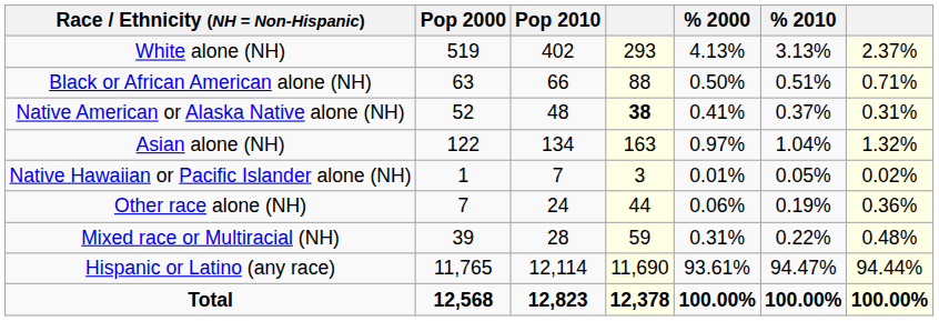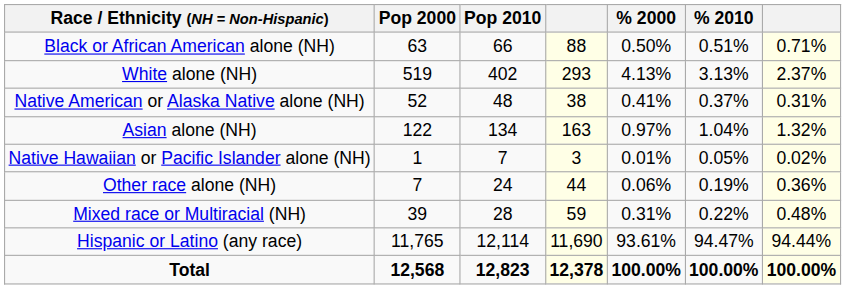 <table class="wikitable" style="text-align:center;">
 <tr>
 <th>Race / Ethnicity <small>(<em>NH = Non-Hispanic</em>)</small></th>
 <th>Pop 2000</th>
 <th>Pop 2010</th>
 <th></th>
 <th>% 2000</th>
 <th>% 2010</th>
 <th></th>
 </tr>
 <tr>
+<td><a href='#'>Black or African American</a> alone (NH)</td>
+<td>63</td>
+<td>66</td>
+<td style='background: #ffffe6;'>88</td>
+<td>0.50%</td>
+<td>0.51%</td>
+<td style='background: #ffffe6;'>0.71%</td>
+</tr>
+<tr>
 <td><a href='#'>White</a> alone (NH)</td>
 <td>519</td>
 <td>402</td>
 <td style='background: #ffffe6;'>293</td>
 <td>4.13%</td>
 <td>3.13%</td>
 <td style='background: #ffffe6;'>2.37%</td>
 </tr>
 <tr>
-<td><a href='#'>Black or African American</a> alone (NH)</td>
-<td>63</td>
-<td>66</td>
-<td style='background: #ffffe6;'>88</td>
-<td>0.50%</td>
-<td>0.51%</td>
-<td style='background: #ffffe6;'>0.71%</td>
-</tr>
-<tr>
 <td><a href='#'>Native American</a> or <a href='#'>Alaska Native</a> alone (NH)</td>
 <td>52</td>
 <td>48</td>
-<td style='background: #ffffe6;'><strong>38</strong></td>
+<td style='background: #ffffe6;'>38</td>
 <td>0.41%</td>
 <td>0.37%</td>
 <td style='background: #ffffe6;'>0.31%</td>
 </tr>
 <tr>
 <td><a href='#'>Asian</a> alone (NH)</td>
 <td>122</td>
 <td>134</td>
 <td style='background: #ffffe6;'>163</td>
 <td>0.97%</td>
 <td>1.04%</td>
 <td style='background: #ffffe6;'>1.32%</td>
 </tr>
 <tr>
 <td><a href='#'>Native Hawaiian</a> or <a href='#'>Pacific Islander</a> alone (NH)</td>
 <td>1</td>
 <td>7</td>
 <td style='background: #ffffe6;'>3</td>
 <td>0.01%</td>
 <td>0.05%</td>
 <td style='background: #ffffe6;'>0.02%</td>
 </tr>
 <tr>
 <td><a href='#'>Other race</a> alone (NH)</td>
 <td>7</td>
 <td>24</td>
 <td style='background: #ffffe6;'>44</td>
 <td>0.06%</td>
 <td>0.19%</td>
 <td style='background: #ffffe6;'>0.36%</td>
 </tr>
 <tr>
 <td><a href='#'>Mixed race or Multiracial</a> (NH)</td>
 <td>39</td>
 <td>28</td>
 <td style='background: #ffffe6;'>59</td>
 <td>0.31%</td>
 <td>0.22%</td>
 <td style='background: #ffffe6;'>0.48%</td>
 </tr>
 <tr>
 <td><a href='#'>Hispanic or Latino</a> (any race)</td>
 <td>11,765</td>
 <td>12,114</td>
 <td style='background: #ffffe6;'>11,690</td>
 <td>93.61%</td>
 <td>94.47%</td>
 <td style='background: #ffffe6;'>94.44%</td>
 </tr>
 <tr>
 <td><strong>Total</strong></td>
 <td><strong>12,568</strong></td>
 <td><strong>12,823</strong></td>
 <td style='background: #ffffe6;'><strong>12,378</strong></td>
 <td><strong>100.00%</strong></td>
 <td><strong>100.00%</strong></td>
 <td style='background: #ffffe6;'><strong>100.00%</strong></td>
 </tr>
 </table>
